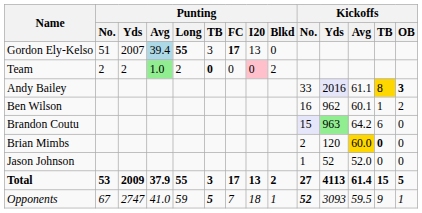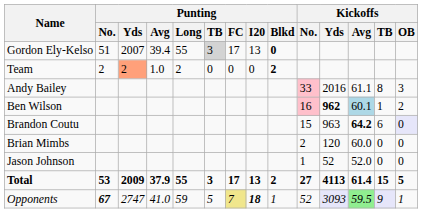 <table class="wikitable" style="white-space:nowrap;">
 <tr>
 <th rowspan="2">Name</th>
 <th colspan="8">Punting</th>
 <th colspan="5">Kickoffs</th>
 </tr>
 <tr>
 <th>No.</th>
 <th>Yds</th>
 <th>Avg</th>
 <th>Long</th>
 <th>TB</th>
 <th>FC</th>
 <th>I20</th>
 <th>Blkd</th>
 <th>No.</th>
 <th>Yds</th>
 <th>Avg</th>
 <th>TB</th>
 <th>OB</th>
 </tr>
 <tr>
 <td>Gordon Ely-Kelso</td>
 <td>51</td>
 <td>2007</td>
-<td style="background: lightblue;">39.4</td>
-<td><strong>55</strong></td>
-<td>3</td>
-<td><strong>17</strong></td>
+<td>39.4</td>
+<td>55</td>
+<td style="background: lightgrey;">3</td>
+<td>17</td>
 <td>13</td>
-<td>0</td>
+<td><strong>0</strong></td>
 <td></td>
 <td></td>
 <td></td>
 <td></td>
 <td></td>
 </tr>
 <tr>
 <td>Team</td>
 <td>2</td>
+<td style="background: lightsalmon;">2</td>
+<td>1.0</td>
 <td>2</td>
-<td style="background: lightgreen;">1.0</td>
-<td>2</td>
-<td><strong>0</strong></td>
 <td>0</td>
-<td style="background: pink;">0</td>
-<td>2</td>
+<td>0</td>
+<td>0</td>
+<td><strong>2</strong></td>
 <td></td>
 <td></td>
 <td></td>
 <td></td>
 <td></td>
 </tr>
 <tr>
 <td>Andy Bailey</td>
 <td></td>
 <td></td>
 <td></td>
 <td></td>
 <td></td>
 <td></td>
 <td></td>
 <td></td>
-<td>33</td>
-<td style="background: lavender;">2016</td>
+<td style="background: pink;">33</td>
+<td>2016</td>
 <td>61.1</td>
-<td style="background: gold;">8</td>
-<td><strong>3</strong></td>
+<td>8</td>
+<td>3</td>
 </tr>
 <tr>
 <td>Ben Wilson</td>
 <td></td>
 <td></td>
 <td></td>
 <td></td>
 <td></td>
 <td></td>
 <td></td>
 <td></td>
-<td>16</td>
-<td>962</td>
-<td>60.1</td>
+<td style="background: pink;">16</td>
+<td><strong>962</strong></td>
+<td style="background: lightblue;">60.1</td>
 <td>1</td>
 <td>2</td>
 </tr>
 <tr>
 <td>Brandon Coutu</td>
 <td></td>
 <td></td>
 <td></td>
 <td></td>
 <td></td>
 <td></td>
 <td></td>
 <td></td>
-<td style="background: lavender;">15</td>
-<td style="background: lightgreen;">963</td>
-<td>64.2</td>
+<td>15</td>
+<td>963</td>
+<td><strong>64.2</strong></td>
 <td>6</td>
-<td>0</td>
+<td style="background: lavender;">0</td>
 </tr>
 <tr>
 <td>Brian Mimbs</td>
 <td></td>
 <td></td>
 <td></td>
 <td></td>
 <td></td>
 <td></td>
 <td></td>
 <td></td>
 <td>2</td>
 <td>120</td>
-<td style="background: gold;">60.0</td>
-<td><strong>0</strong></td>
+<td>60.0</td>
+<td>0</td>
 <td>0</td>
 </tr>
 <tr>
 <td>Jason Johnson</td>
 <td></td>
 <td></td>
 <td></td>
 <td></td>
 <td></td>
 <td></td>
 <td></td>
 <td></td>
 <td>1</td>
 <td>52</td>
 <td>52.0</td>
 <td>0</td>
 <td>0</td>
 </tr>
 <tr>
 <td><strong>Total</strong></td>
 <td><strong>53</strong></td>
 <td><strong>2009</strong></td>
 <td><strong>37.9</strong></td>
 <td><strong>55</strong></td>
 <td><strong>3</strong></td>
 <td><strong>17</strong></td>
 <td><strong>13</strong></td>
 <td><strong>2</strong></td>
 <td><strong>27</strong></td>
 <td><strong>4113</strong></td>
 <td><strong>61.4</strong></td>
 <td><strong>15</strong></td>
 <td><strong>5</strong></td>
 </tr>
 <tr>
 <td><em>Opponents</em></td>
-<td><em>67</em></td>
+<td><strong><em>67</em></strong></td>
 <td><em>2747</em></td>
 <td><em>41.0</em></td>
 <td><em>59</em></td>
-<td><strong><em>5</em></strong></td>
-<td><em>7</em></td>
-<td><em>18</em></td>
+<td><em>5</em></td>
+<td style="background: khaki;"><em>7</em></td>
+<td><strong><em>18</em></strong></td>
 <td><em>1</em></td>
-<td><strong><em>52</em></strong></td>
-<td><em>3093</em></td>
-<td><em>59.5</em></td>
-<td><em>9</em></td>
+<td><em>52</em></td>
+<td style="background: lavender;"><em>3093</em></td>
+<td style="background: lightgreen;"><em>59.5</em></td>
+<td style="background: lavender;"><em>9</em></td>
 <td><em>1</em></td>
 </tr>
 </table>
